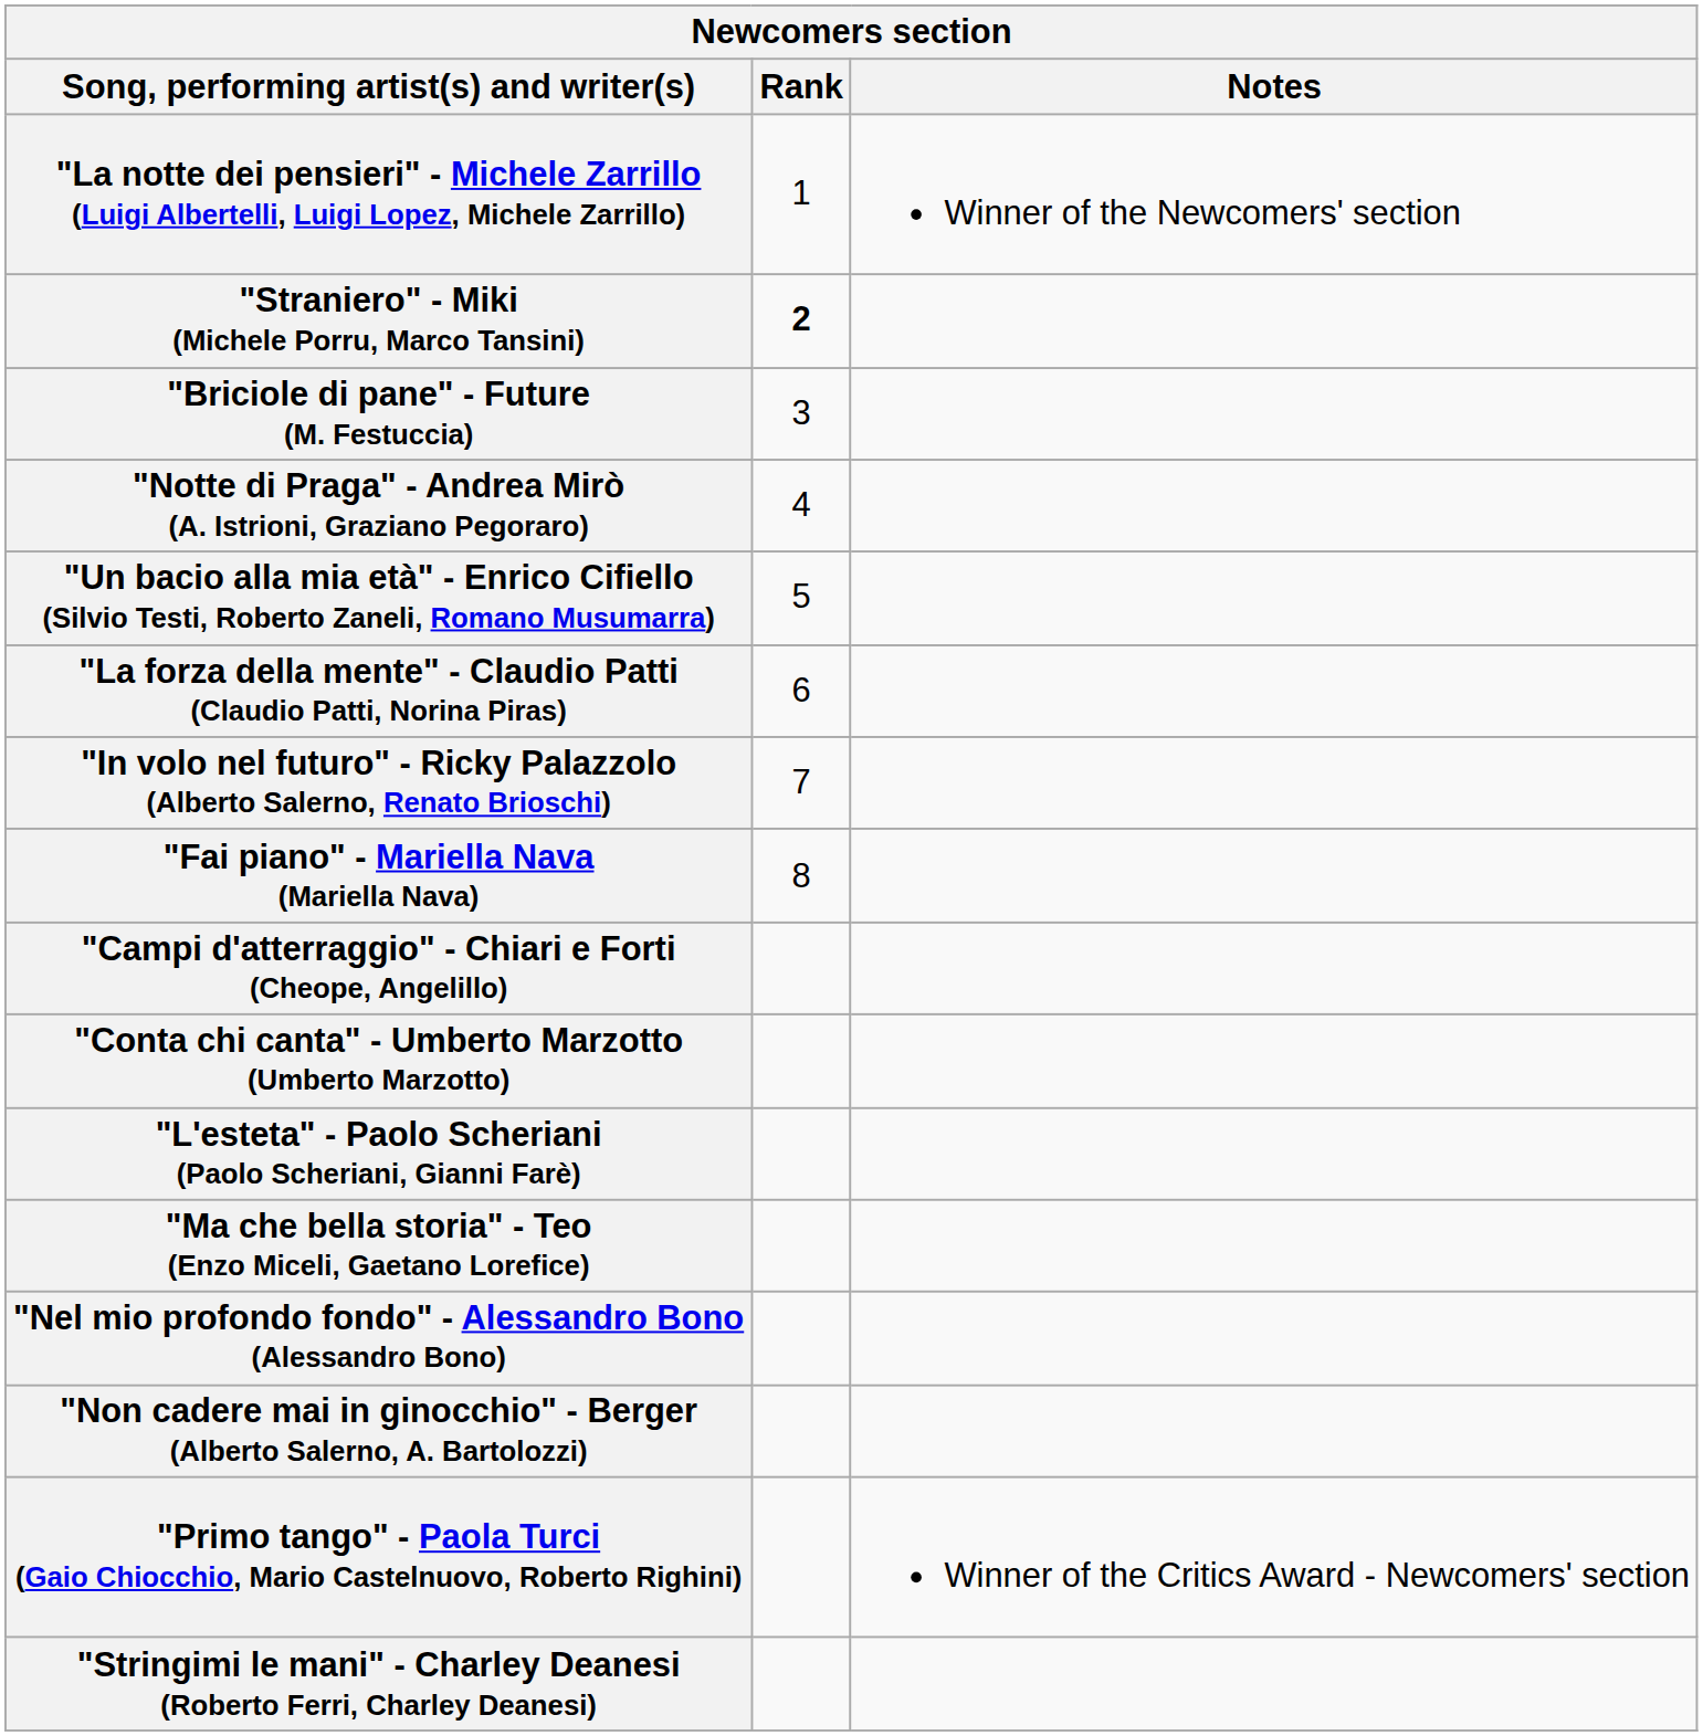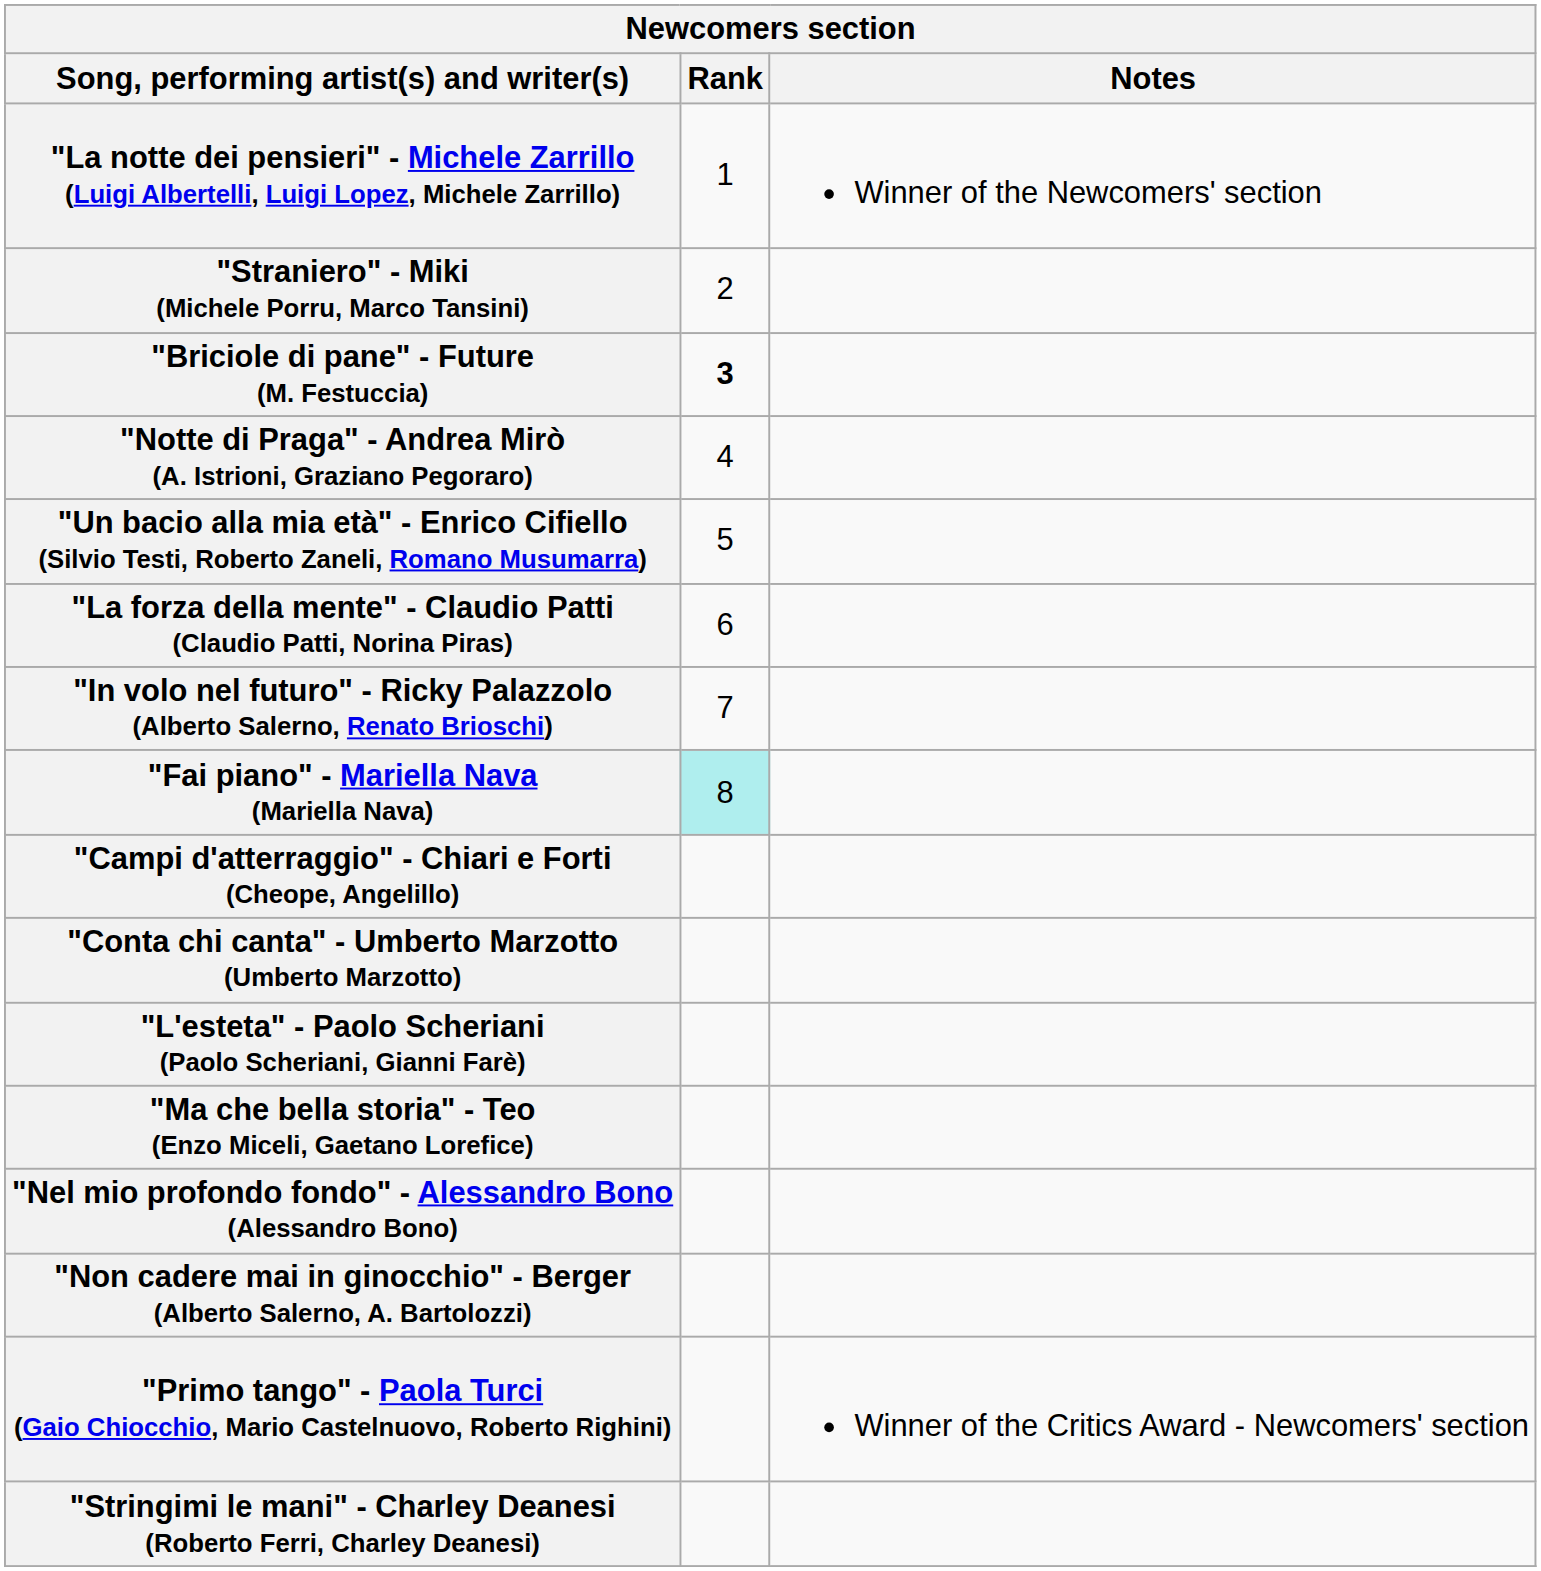 <table class="plainrowheaders wikitable">
 <tr>
 <th colspan="3">Newcomers section </th>
 </tr>
 <tr>
 <th>Song, performing artist(s) and writer(s)</th>
 <th>Rank</th>
 <th>Notes</th>
 </tr>
 <tr>
 <th scope="row">"La notte dei pensieri" - <a href='#'>Michele Zarrillo</a>   <br><small> (<a href='#'>Luigi Albertelli</a>, <a href='#'>Luigi Lopez</a>, Michele Zarrillo)</small></th>
 <td style="text-align:center;">1</td>
 <td><br><ul><li>Winner of the Newcomers' section</li></ul></td>
 </tr>
 <tr>
 <th scope="row">"Straniero" - Miki <br><small> (Michele Porru, Marco Tansini)</small></th>
-<td style="text-align:center;"><strong>2</strong></td>
+<td style="text-align:center;">2</td>
 <td></td>
 </tr>
 <tr>
 <th scope="row">"Briciole di pane" - Future <br><small> (M. Festuccia)</small></th>
-<td style="text-align:center;">3</td>
+<td style="text-align:center;"><strong>3</strong></td>
 <td></td>
 </tr>
 <tr>
 <th scope="row">"Notte di Praga" -  Andrea Mirò <br><small> (A. Istrioni, Graziano Pegoraro)</small></th>
 <td style="text-align:center;">4</td>
 <td></td>
 </tr>
 <tr>
 <th scope="row">"Un bacio alla mia età" -  Enrico Cifiello  <br><small> (Silvio Testi, Roberto Zaneli, <a href='#'>Romano Musumarra</a>)</small></th>
 <td style="text-align:center;">5</td>
 <td></td>
 </tr>
 <tr>
 <th scope="row">"La forza della mente" -  Claudio Patti  <br><small> (Claudio Patti, Norina Piras)</small></th>
 <td style="text-align:center;">6</td>
 <td></td>
 </tr>
 <tr>
 <th scope="row">"In volo nel futuro" - Ricky Palazzolo <br><small> (Alberto Salerno, <a href='#'>Renato Brioschi</a>)</small></th>
 <td style="text-align:center;">7</td>
 <td></td>
 </tr>
 <tr>
 <th scope="row">"Fai piano" -  <a href='#'>Mariella Nava</a> <br><small> (Mariella Nava)</small></th>
-<td style="text-align:center;">8</td>
+<td style="background: paleturquoise; text-align:center;">8</td>
 <td></td>
 </tr>
 <tr>
 <th scope="row">"Campi d'atterraggio" -  Chiari e Forti <br><small> (Cheope, Angelillo)</small></th>
 <td></td>
 <td></td>
 </tr>
 <tr>
 <th scope="row">"Conta chi canta" - Umberto Marzotto  <br><small> (Umberto Marzotto)</small></th>
 <td></td>
 <td></td>
 </tr>
 <tr>
 <th scope="row">"L'esteta" - Paolo Scheriani <br><small> (Paolo Scheriani, Gianni Farè)</small></th>
 <td></td>
 <td></td>
 </tr>
 <tr>
 <th scope="row">"Ma che bella storia" - Teo <br><small> (Enzo Miceli, Gaetano Lorefice)</small></th>
 <td></td>
 <td></td>
 </tr>
 <tr>
 <th scope="row">"Nel mio profondo fondo" -   <a href='#'>Alessandro Bono</a><br><small> (Alessandro Bono)</small></th>
 <td></td>
 <td></td>
 </tr>
 <tr>
 <th scope="row">"Non cadere mai in ginocchio" - Berger<br><small> (Alberto Salerno, A. Bartolozzi)</small></th>
 <td></td>
 <td></td>
 </tr>
 <tr>
 <th scope="row">"Primo tango" - <a href='#'>Paola Turci</a> <br><small> (<a href='#'>Gaio Chiocchio</a>, Mario Castelnuovo, Roberto Righini)</small></th>
 <td></td>
 <td><br><ul><li>Winner of the Critics Award - Newcomers' section</li></ul></td>
 </tr>
 <tr>
 <th scope="row">"Stringimi le mani" - Charley Deanesi <br><small> (Roberto Ferri, Charley Deanesi)</small></th>
 <td></td>
 <td></td>
 </tr>
 <tr>
 </tr>
 </table>
